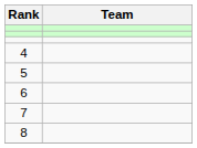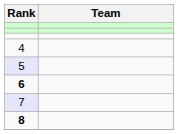 <table class="wikitable" style="text-align: center;">
 <tr>
 <th width=40>Rank</th>
 <th width=180>Team</th>
 </tr>
 <tr bgcolor=#ccffcc>
 <td></td>
 <td align="left"></td>
 </tr>
 <tr bgcolor=#ccffcc>
 <td></td>
 <td align="left"></td>
 </tr>
 <tr>
 <td></td>
 <td align=left></td>
 </tr>
 <tr>
 <td>4</td>
 <td align=left></td>
 </tr>
 <tr>
-<td>5</td>
+<td style="background: lavender;">5</td>
 <td align=left></td>
 </tr>
 <tr>
-<td>6</td>
+<td><strong>6</strong></td>
 <td align=left></td>
 </tr>
 <tr>
-<td>7</td>
+<td style="background: lavender;">7</td>
 <td align=left></td>
 </tr>
 <tr>
-<td>8</td>
+<td><strong>8</strong></td>
 <td align=left></td>
 </tr>
 <tr>
 </tr>
 </table>
